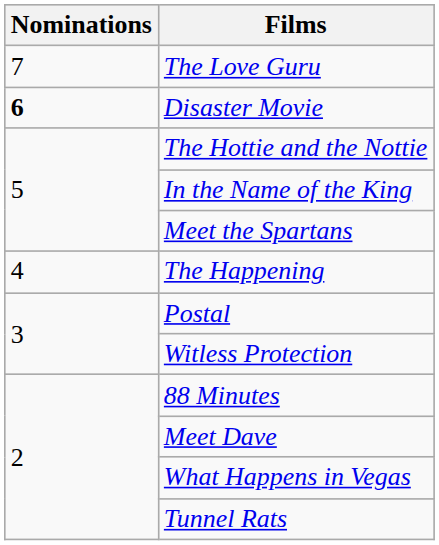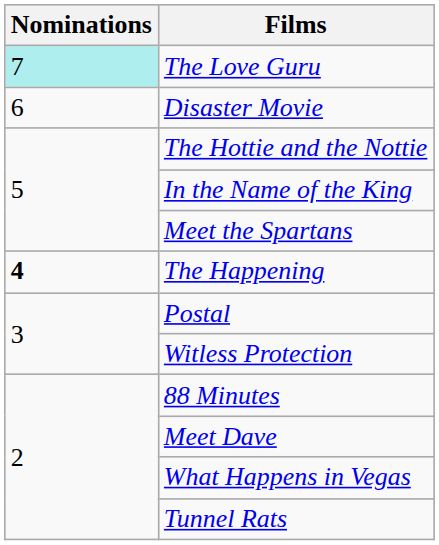 <table class="wikitable">
 <tr>
 <th>Nominations</th>
 <th>Films</th>
 </tr>
 <tr>
-<td>7</td>
+<td style="background: paleturquoise;">7</td>
 <td><em><a href='#'>The Love Guru</a></em></td>
 </tr>
 <tr>
-<td><strong>6</strong></td>
+<td>6</td>
 <td><em><a href='#'>Disaster Movie</a></em></td>
 </tr>
 <tr>
 <td rowspan="3">5</td>
 <td><em><a href='#'>The Hottie and the Nottie</a></em></td>
 </tr>
 <tr>
 <td><em><a href='#'>In the Name of the King</a></em></td>
 </tr>
 <tr>
 <td><em><a href='#'>Meet the Spartans</a></em></td>
 </tr>
 <tr>
-<td>4</td>
+<td><strong>4</strong></td>
 <td><a href='#'><em>The Happening</em></a></td>
 </tr>
 <tr>
 <td rowspan="2">3</td>
 <td><a href='#'><em>Postal</em></a></td>
 </tr>
 <tr>
 <td><em><a href='#'>Witless Protection</a></em></td>
 </tr>
 <tr>
 <td rowspan="4">2</td>
 <td><em><a href='#'>88 Minutes</a></em></td>
 </tr>
 <tr>
 <td><em><a href='#'>Meet Dave</a></em></td>
 </tr>
 <tr>
 <td><em><a href='#'>What Happens in Vegas</a></em></td>
 </tr>
 <tr>
 <td><em><a href='#'>Tunnel Rats</a></em></td>
 </tr>
 </table>
